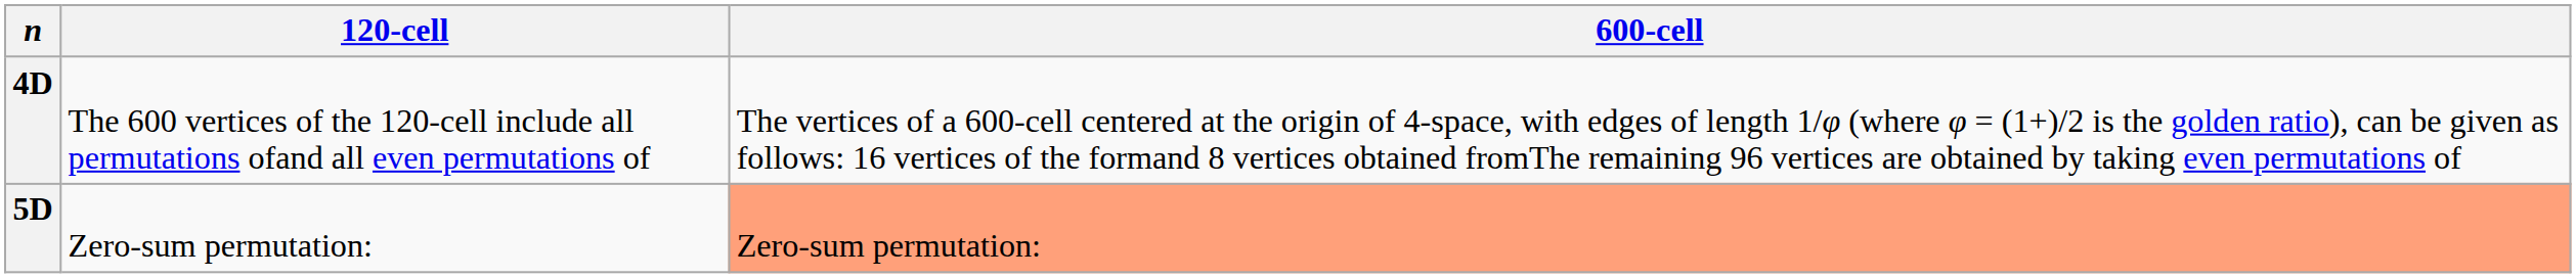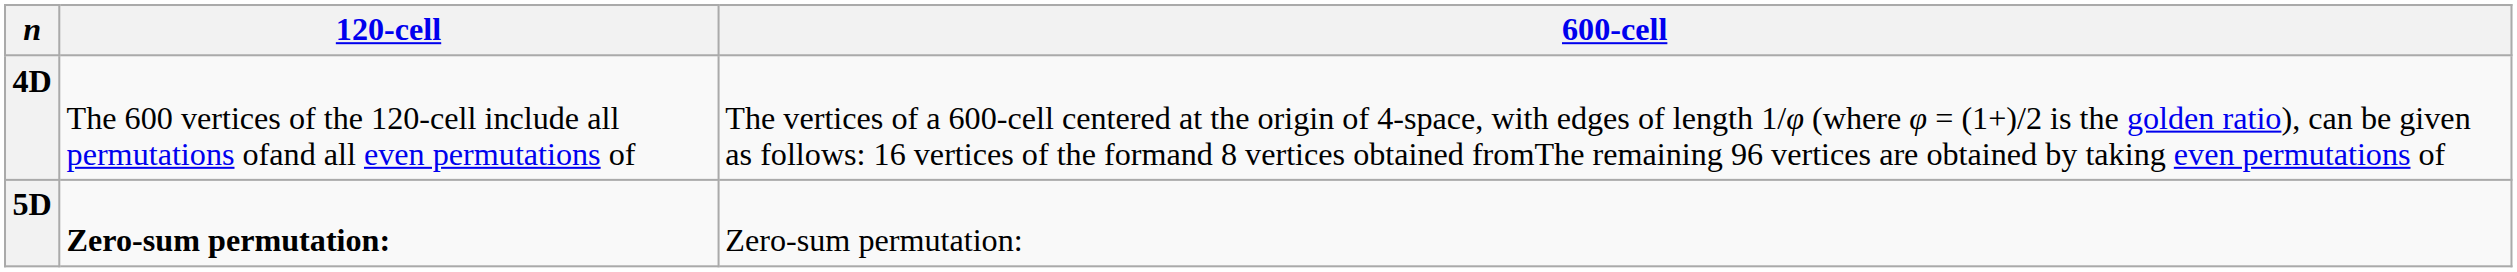 <table class=wikitable>
 <tr>
 <th><em>n</em></th>
 <th><a href='#'>120-cell</a></th>
 <th><a href='#'>600-cell</a></th>
 </tr>
 <tr valign=top>
 <th valign=center>4D</th>
 <td><br>The 600 vertices of the 120-cell include all <a href='#'>permutations</a> ofand all <a href='#'>even permutations</a> of</td>
 <td><br>The vertices of a 600-cell centered at the origin of 4-space, with edges of length 1/<em>φ</em> (where <em>φ</em> = (1+)/2 is the <a href='#'>golden ratio</a>), can be given as follows: 16 vertices of the formand 8 vertices obtained fromThe remaining 96 vertices are obtained by taking <a href='#'>even permutations</a> of</td>
 </tr>
 <tr valign=top>
 <th valign=center>5D</th>
+<td><strong><br>Zero-sum permutation:</strong></td>
 <td><br>Zero-sum permutation:</td>
-<td style="background: lightsalmon;"><br>Zero-sum permutation:</td>
 </tr>
 </table>
